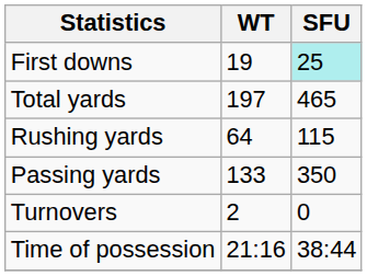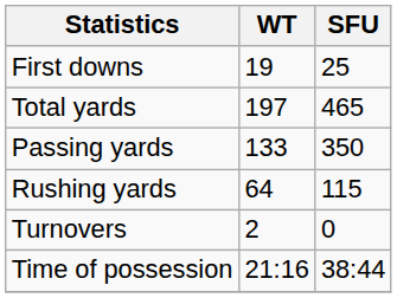 <table class="wikitable">
 <tr>
 <th>Statistics</th>
 <th>WT</th>
 <th>SFU</th>
 </tr>
 <tr>
 <td>First downs</td>
 <td>19</td>
-<td style="background: paleturquoise;">25</td>
+<td>25</td>
 </tr>
 <tr>
 <td>Total yards</td>
 <td>197</td>
 <td>465</td>
 </tr>
 <tr>
+<td>Passing yards</td>
+<td>133</td>
+<td>350</td>
+</tr>
+<tr>
 <td>Rushing yards</td>
 <td>64</td>
 <td>115</td>
-</tr>
-<tr>
-<td>Passing yards</td>
-<td>133</td>
-<td>350</td>
 </tr>
 <tr>
 <td>Turnovers</td>
 <td>2</td>
 <td>0</td>
 </tr>
 <tr>
 <td>Time of possession</td>
 <td>21:16</td>
 <td>38:44</td>
 </tr>
 <tr>
 </tr>
 </table>
